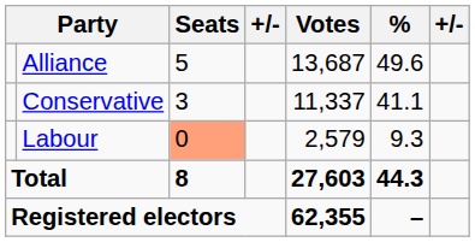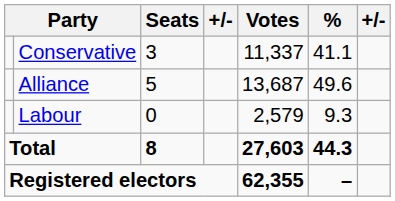 <table class="wikitable sortable">
 <tr>
 <th colspan="2">Party</th>
 <th>Seats</th>
 <th>+/-</th>
 <th>Votes</th>
 <th>%</th>
 <th>+/-</th>
+</tr>
+<tr>
+<td style="background-color: "></td>
+<td><a href='#'>Conservative</a></td>
+<td>3</td>
+<td></td>
+<td style="text-align:right;">11,337</td>
+<td style="text-align:right;">41.1</td>
+<td style="text-align:right;"></td>
 </tr>
 <tr>
 <td style="background-color: "></td>
 <td><a href='#'>Alliance</a></td>
 <td>5</td>
 <td></td>
 <td style="text-align:right;">13,687</td>
 <td style="text-align:right;">49.6</td>
 <td style="text-align:right;"></td>
 </tr>
 <tr>
 <td style="background-color: "></td>
-<td><a href='#'>Conservative</a></td>
-<td>3</td>
-<td></td>
-<td style="text-align:right;">11,337</td>
-<td style="text-align:right;">41.1</td>
-<td style="text-align:right;"></td>
-</tr>
-<tr>
-<td style="background-color: "></td>
 <td><a href='#'>Labour</a></td>
-<td style="background: lightsalmon;">0</td>
+<td>0</td>
 <td></td>
 <td style="text-align:right;">2,579</td>
 <td style="text-align:right;">9.3</td>
 <td style="text-align:right;"></td>
 </tr>
 <tr>
 <td colspan="2"><strong>Total</strong></td>
 <td><strong>8</strong></td>
 <td></td>
 <td style="text-align:right;"><strong>27,603</strong></td>
 <td style="text-align:right;"><strong>44.3</strong></td>
 <td style="text-align:right;"></td>
 </tr>
 <tr>
 <td colspan="4"><strong>Registered electors</strong></td>
 <td style="text-align:right;"><strong>62,355</strong></td>
 <td style="text-align:right;"><strong>–</strong></td>
 <td style="text-align:right;"></td>
 </tr>
 </table>
